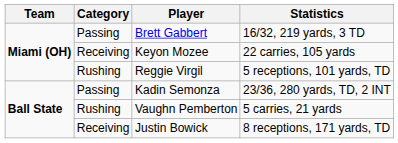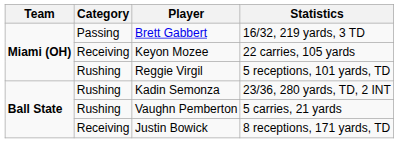 <table class="wikitable" style="float: right;">
 <tr>
 <th>Team</th>
 <th>Category</th>
 <th>Player</th>
 <th>Statistics</th>
 </tr>
 <tr>
 <td rowspan=3><strong>Miami (OH)</strong></td>
 <td>Passing</td>
 <td><a href='#'>Brett Gabbert</a></td>
 <td>16/32, 219 yards, 3 TD</td>
 </tr>
 <tr>
 <td>Receiving</td>
 <td>Keyon Mozee</td>
 <td>22 carries, 105 yards</td>
 </tr>
 <tr>
 <td>Rushing</td>
 <td>Reggie Virgil</td>
 <td>5 receptions, 101 yards, TD</td>
 </tr>
 <tr>
 <td rowspan=3><strong>Ball State</strong></td>
-<td>Passing</td>
+<td>Rushing</td>
 <td>Kadin Semonza</td>
 <td>23/36, 280 yards, TD, 2 INT</td>
 </tr>
 <tr>
 <td>Rushing</td>
 <td>Vaughn Pemberton</td>
 <td>5 carries, 21 yards</td>
 </tr>
 <tr>
 <td>Receiving</td>
 <td>Justin Bowick</td>
 <td>8 receptions, 171 yards, TD</td>
 </tr>
 </table>
